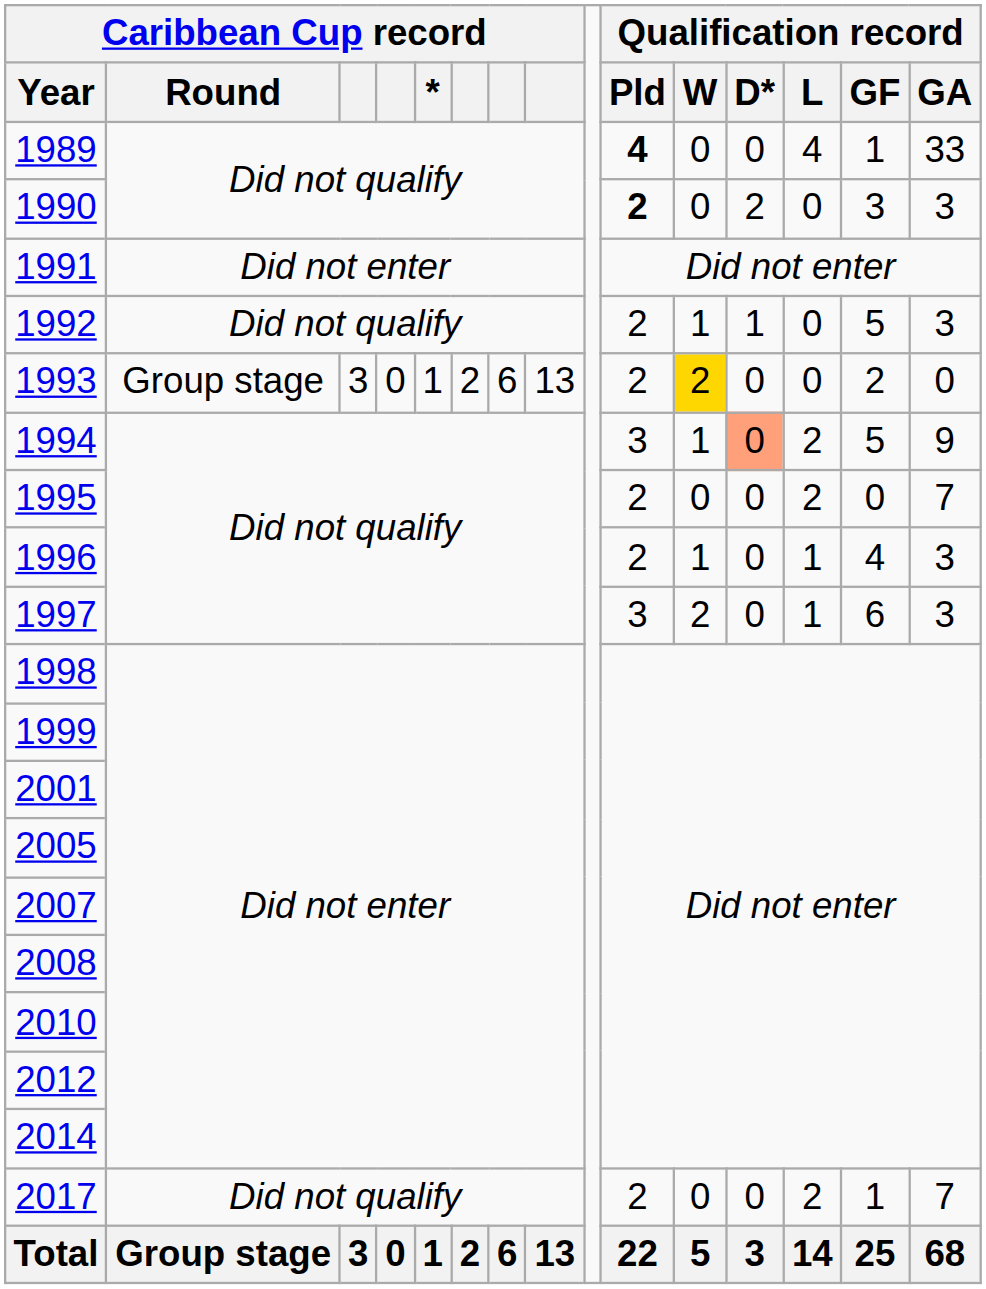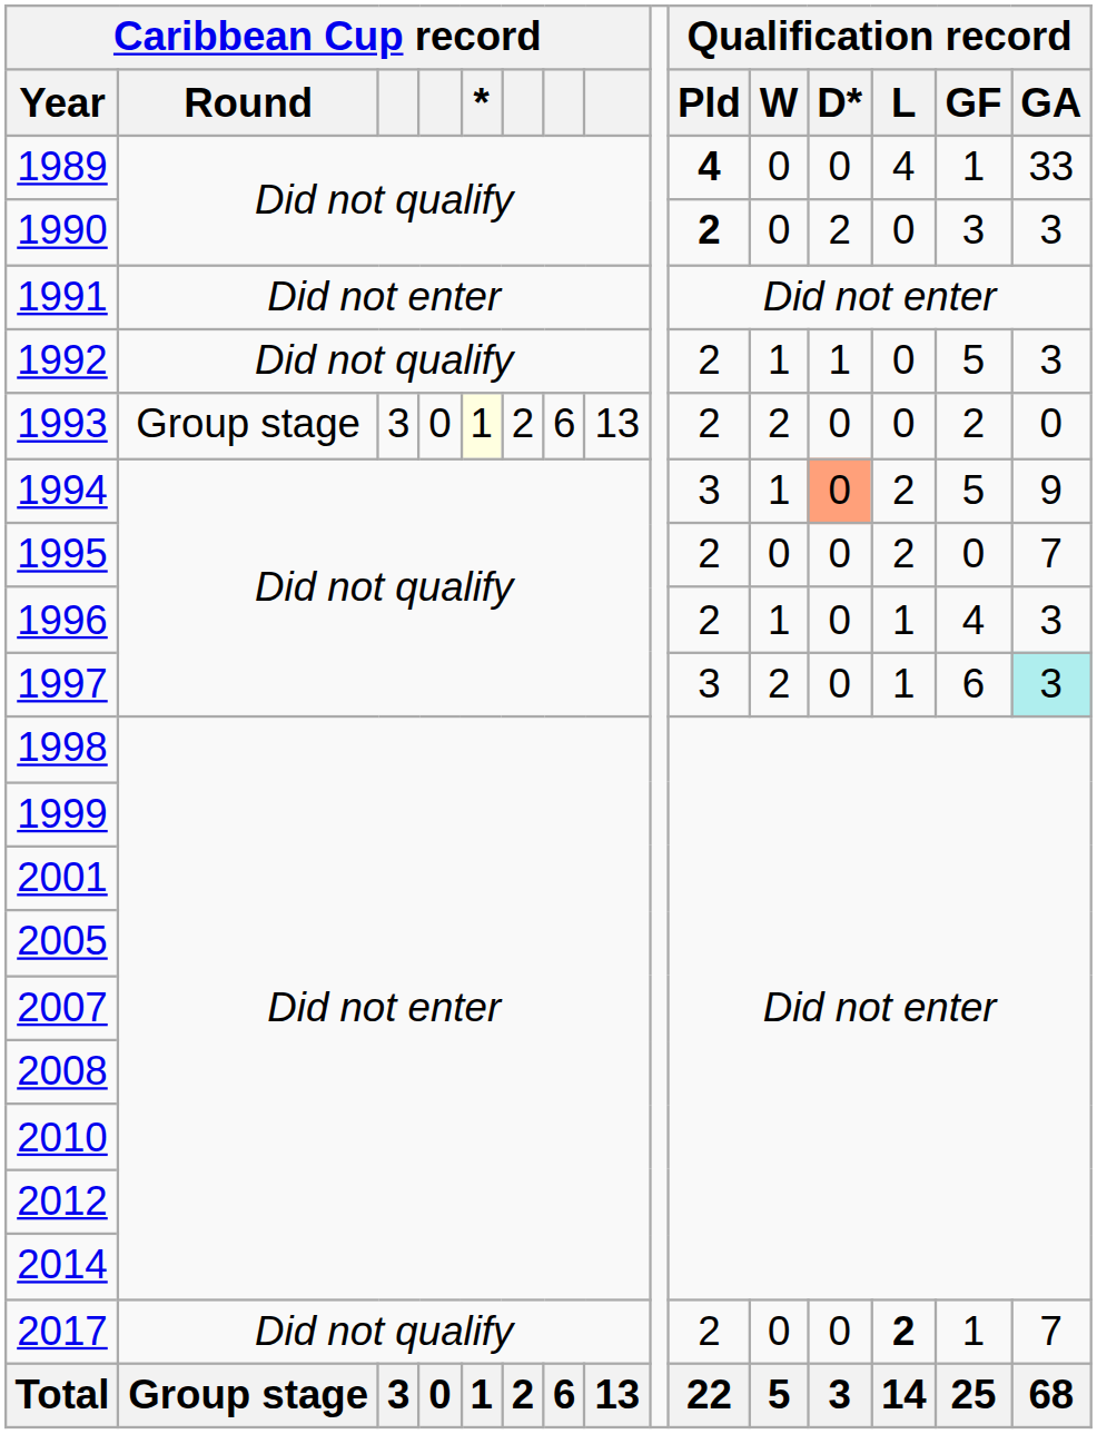 <table class="wikitable" style="text-align: center;">
 <tr>
 <th colspan=8><a href='#'>Caribbean Cup</a> record</th>
 <td rowspan=22></td>
 <th colspan=6>Qualification record</th>
 </tr>
 <tr>
 <th>Year</th>
 <th>Round</th>
 <th></th>
 <th></th>
 <th>*</th>
 <th></th>
 <th></th>
 <th></th>
 <th>Pld</th>
 <th>W</th>
 <th>D*</th>
 <th>L</th>
 <th>GF</th>
 <th>GA</th>
 </tr>
 <tr>
 <td> <a href='#'>1989</a></td>
 <td colspan=7 rowspan=2><em>Did not qualify</em></td>
 <td><strong>4</strong></td>
 <td>0</td>
 <td>0</td>
 <td>4</td>
 <td>1</td>
 <td>33</td>
 </tr>
 <tr>
 <td> <a href='#'>1990</a></td>
 <td><strong>2</strong></td>
 <td>0</td>
 <td>2</td>
 <td>0</td>
 <td>3</td>
 <td>3</td>
 </tr>
 <tr>
 <td> <a href='#'>1991</a></td>
 <td colspan=7><em>Did not enter</em></td>
 <td colspan=6><em>Did not enter</em></td>
 </tr>
 <tr>
 <td> <a href='#'>1992</a></td>
 <td colspan=7><em>Did not qualify</em></td>
 <td>2</td>
 <td>1</td>
 <td>1</td>
 <td>0</td>
 <td>5</td>
 <td>3</td>
 </tr>
 <tr>
 <td> <a href='#'>1993</a></td>
 <td>Group stage</td>
 <td>3</td>
 <td>0</td>
-<td>1</td>
+<td style="background: lightyellow;">1</td>
 <td>2</td>
 <td>6</td>
 <td>13</td>
 <td>2</td>
-<td style="background: gold;">2</td>
+<td>2</td>
 <td>0</td>
 <td>0</td>
 <td>2</td>
 <td>0</td>
 </tr>
 <tr>
 <td> <a href='#'>1994</a></td>
 <td colspan=7 rowspan=4><em>Did not qualify</em></td>
 <td>3</td>
 <td>1</td>
 <td style="background: lightsalmon;">0</td>
 <td>2</td>
 <td>5</td>
 <td>9</td>
 </tr>
 <tr>
 <td>  <a href='#'>1995</a></td>
 <td>2</td>
 <td>0</td>
 <td>0</td>
 <td>2</td>
 <td>0</td>
 <td>7</td>
 </tr>
 <tr>
 <td> <a href='#'>1996</a></td>
 <td>2</td>
 <td>1</td>
 <td>0</td>
 <td>1</td>
 <td>4</td>
 <td>3</td>
 </tr>
 <tr>
 <td>  <a href='#'>1997</a></td>
 <td>3</td>
 <td>2</td>
 <td>0</td>
 <td>1</td>
 <td>6</td>
-<td>3</td>
+<td style="background: paleturquoise;">3</td>
 </tr>
 <tr>
 <td>  <a href='#'>1998</a></td>
 <td colspan=7 rowspan=9><em>Did not enter</em></td>
 <td colspan=6 rowspan=9><em>Did not enter</em></td>
 </tr>
 <tr>
 <td> <a href='#'>1999</a></td>
 </tr>
 <tr>
 <td> <a href='#'>2001</a></td>
 </tr>
 <tr>
 <td> <a href='#'>2005</a></td>
 </tr>
 <tr>
 <td> <a href='#'>2007</a></td>
 </tr>
 <tr>
 <td> <a href='#'>2008</a></td>
 </tr>
 <tr>
 <td> <a href='#'>2010</a></td>
 </tr>
 <tr>
 <td> <a href='#'>2012</a></td>
 </tr>
 <tr>
 <td> <a href='#'>2014</a></td>
 </tr>
 <tr>
 <td> <a href='#'>2017</a></td>
 <td colspan=7><em>Did not qualify</em></td>
 <td>2</td>
 <td>0</td>
 <td>0</td>
-<td>2</td>
+<td><strong>2</strong></td>
 <td>1</td>
 <td>7</td>
 </tr>
 <tr>
 <th>Total</th>
 <th>Group stage</th>
 <th>3</th>
 <th>0</th>
 <th>1</th>
 <th>2</th>
 <th>6</th>
 <th>13</th>
 <th>22</th>
 <th>5</th>
 <th>3</th>
 <th>14</th>
 <th>25</th>
 <th>68</th>
 </tr>
 </table>
